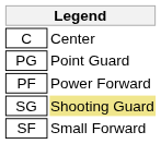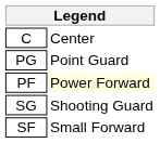 <table class="toccolours" style="margin-left: 50px; font-size: 90%; white-space: nowrap; valign: middle;">
 <tr>
 <th colspan="6" style="background-color: #F2F2F2; border: 1px solid #AAAAAA;">Legend</th>
 </tr>
 <tr>
 <td style="border: 1px solid black;" align=center>  C  </td>
 <td>Center</td>
 </tr>
 <tr>
 <td style="border: 1px solid black;" align=center>  PG  </td>
 <td>Point Guard</td>
 </tr>
 <tr>
 <td style="border: 1px solid black;" align=center>  PF  </td>
-<td>Power Forward</td>
+<td style="background: lightyellow;">Power Forward</td>
 </tr>
 <tr>
 <td style="border: 1px solid black;" align=center>  SG  </td>
-<td style="background: khaki;">Shooting Guard</td>
+<td>Shooting Guard</td>
 </tr>
 <tr>
 <td style="border: 1px solid black;" align=center>  SF  </td>
 <td>Small Forward</td>
 </tr>
 <tr>
 </tr>
 </table>
